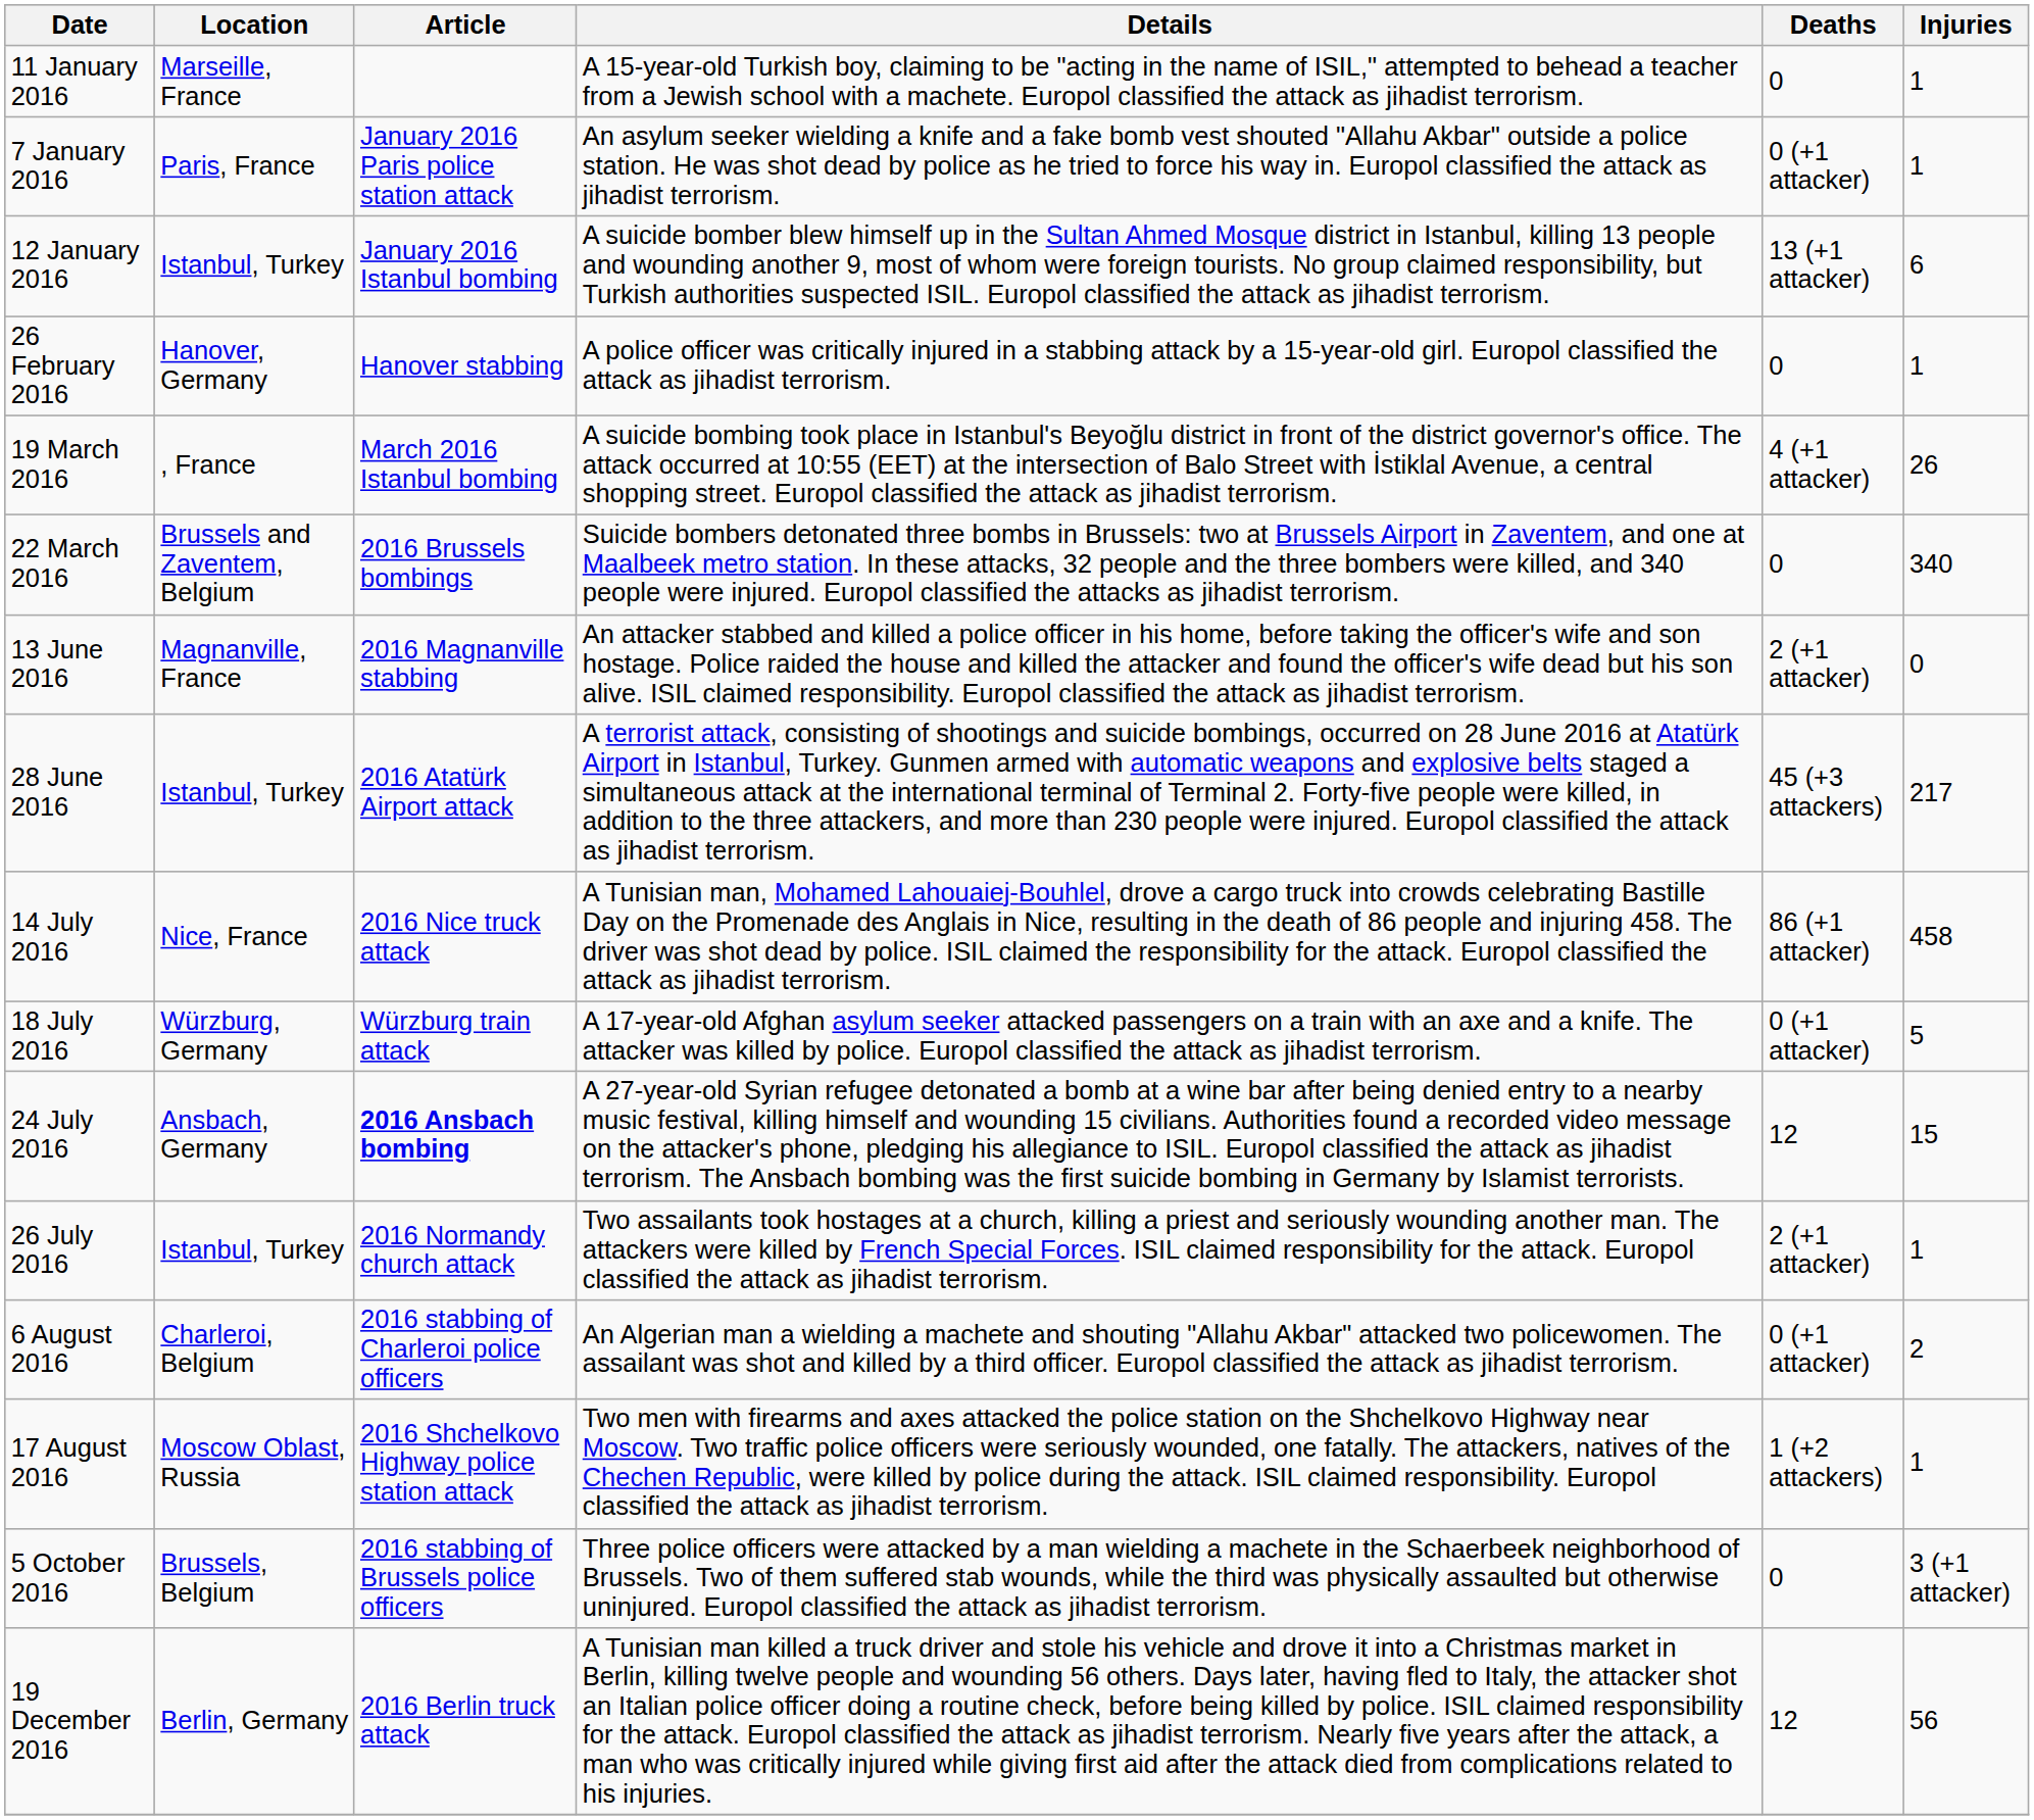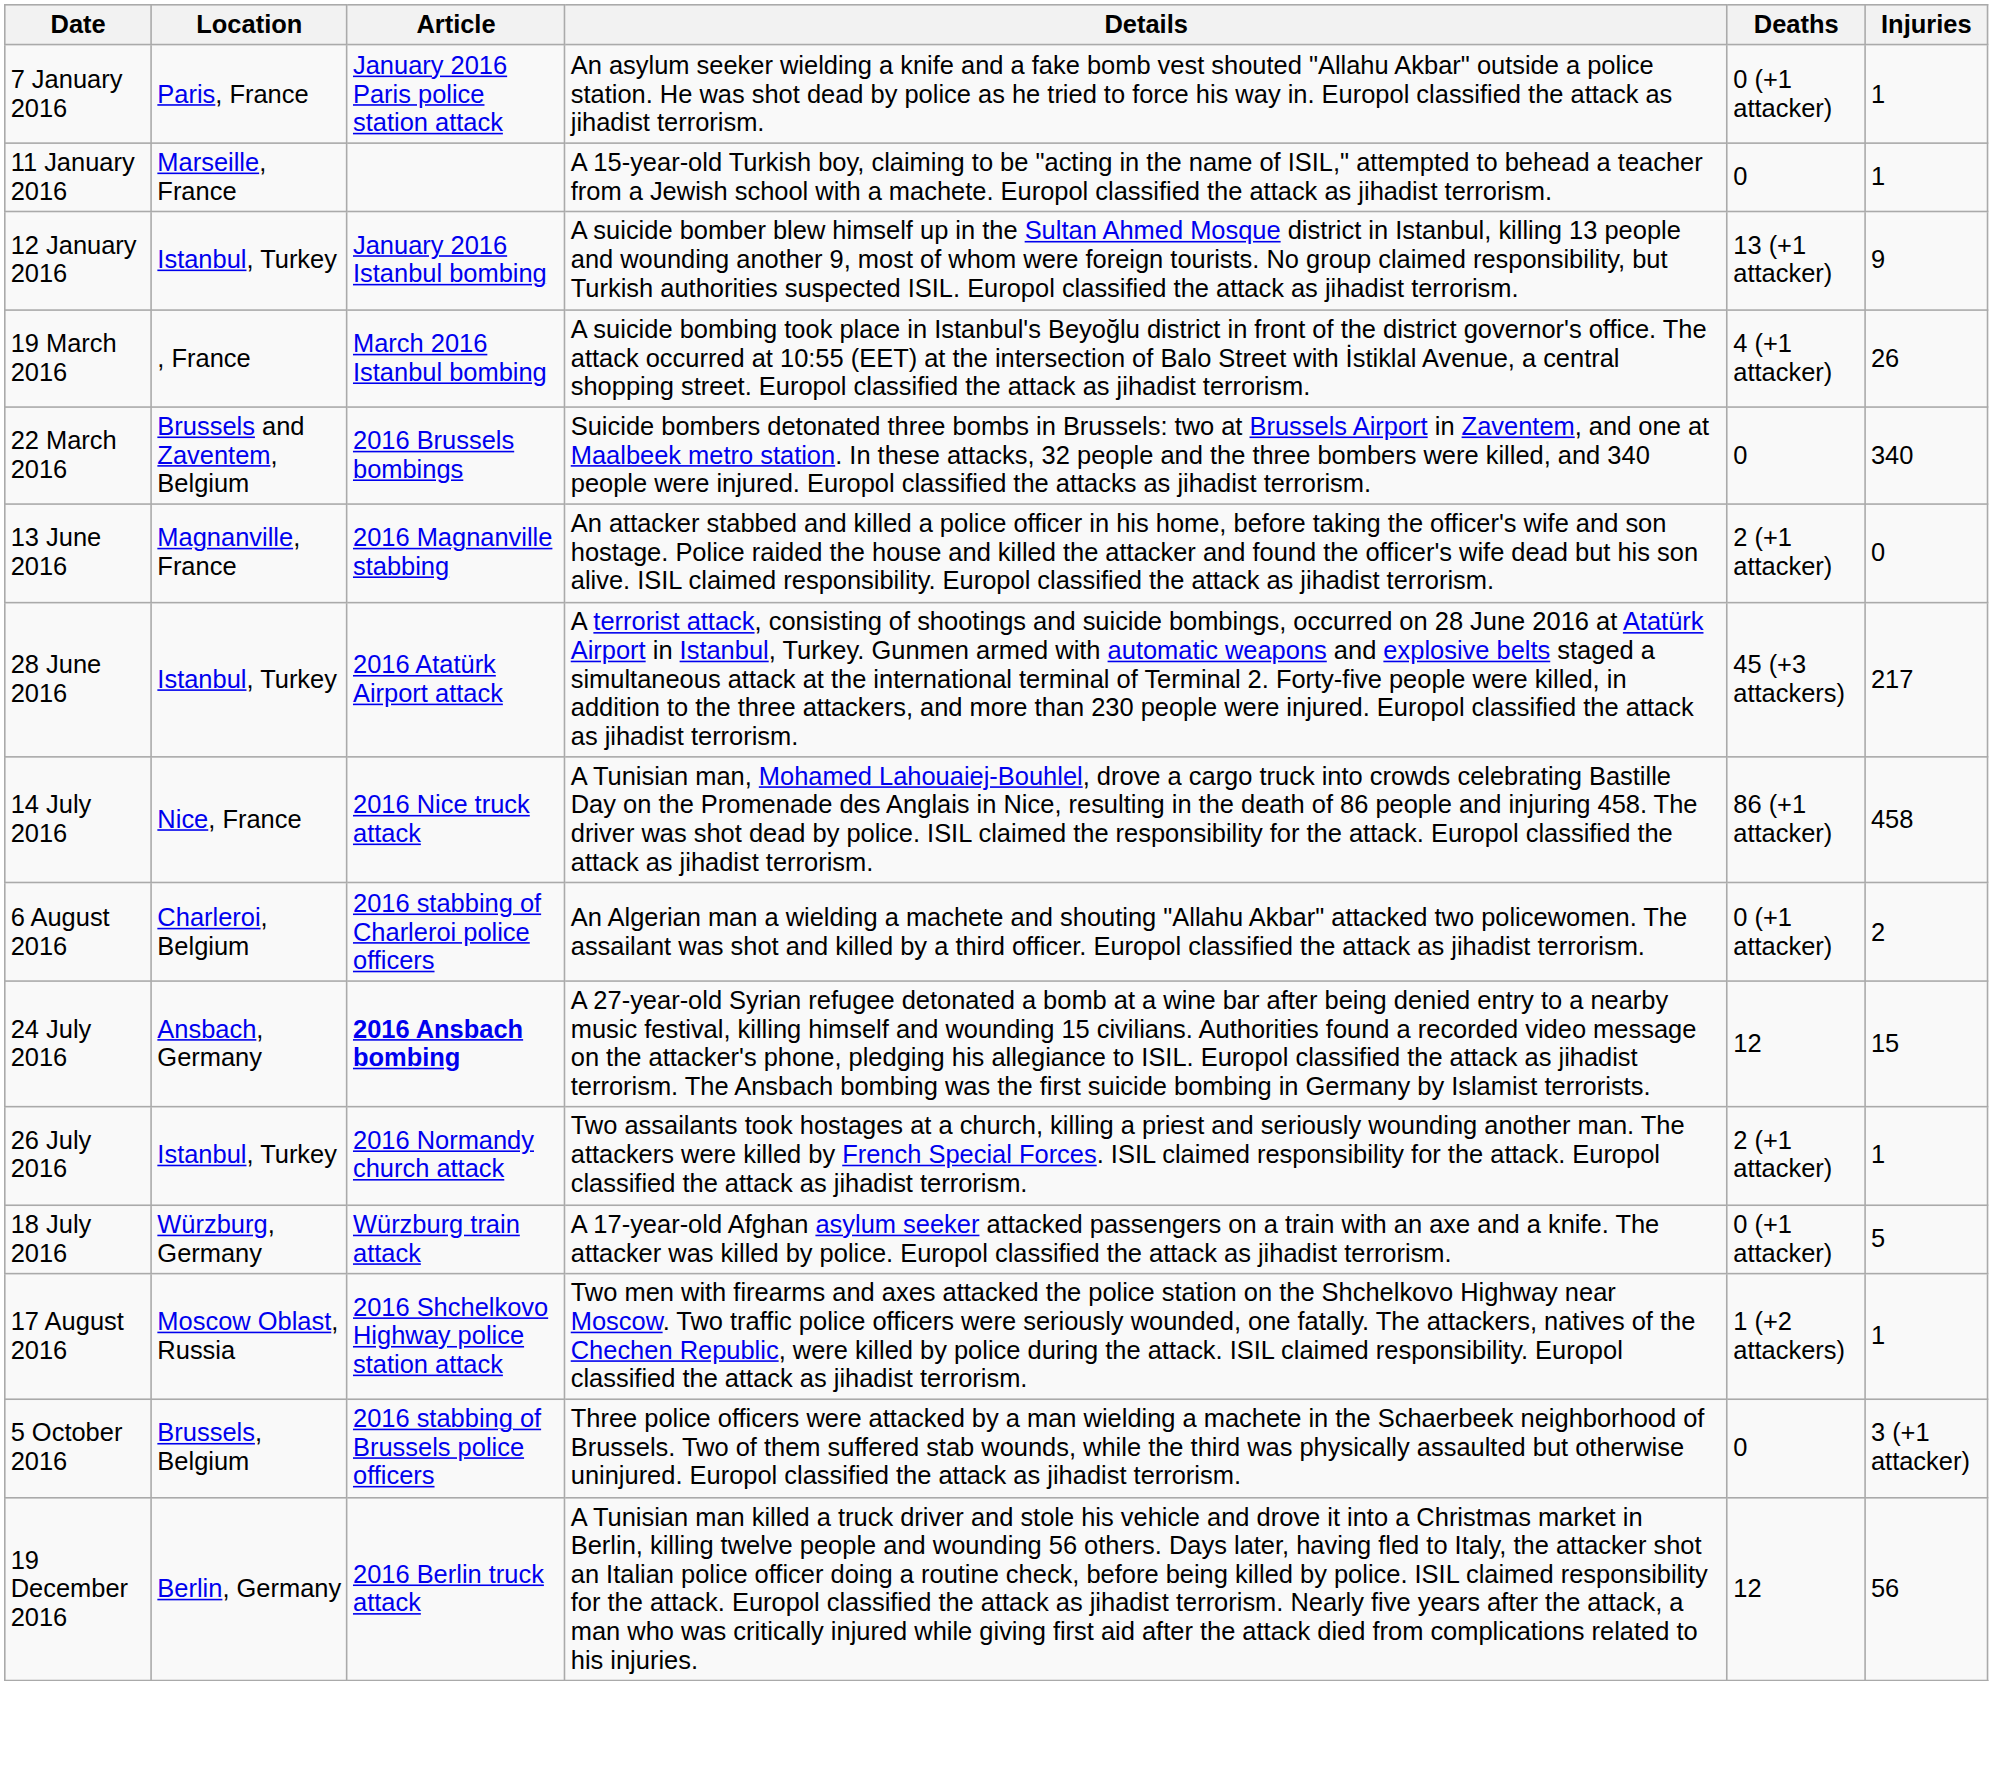 <table class="wikitable ">
 <tr>
 <th>Date</th>
 <th>Location</th>
 <th>Article</th>
 <th>Details</th>
 <th>Deaths</th>
 <th>Injuries</th>
 </tr>
 <tr>
+<td>7 January 2016</td>
+<td> <a href='#'>Paris</a>, France</td>
+<td><a href='#'>January 2016 Paris police station attack</a></td>
+<td>An asylum seeker wielding a knife and a fake bomb vest shouted "Allahu Akbar" outside a police station. He was shot dead by police as he tried to force his way in. Europol classified the attack as jihadist terrorism.</td>
+<td data-sort-value="1">0 (+1 attacker)</td>
+<td>1</td>
+</tr>
+<tr>
 <td>11 January 2016</td>
 <td> <a href='#'>Marseille</a>, France</td>
 <td></td>
 <td>A 15-year-old Turkish boy, claiming to be "acting in the name of ISIL," attempted to behead a teacher from a Jewish school with a machete. Europol classified the attack as jihadist terrorism.</td>
 <td>0</td>
 <td>1</td>
 </tr>
 <tr>
-<td>7 January 2016</td>
-<td> <a href='#'>Paris</a>, France</td>
-<td><a href='#'>January 2016 Paris police station attack</a></td>
-<td>An asylum seeker wielding a knife and a fake bomb vest shouted "Allahu Akbar" outside a police station. He was shot dead by police as he tried to force his way in. Europol classified the attack as jihadist terrorism.</td>
-<td data-sort-value="1">0 (+1 attacker)</td>
-<td>1</td>
-</tr>
-<tr>
 <td>12 January 2016</td>
 <td> <a href='#'>Istanbul</a>, Turkey</td>
 <td><a href='#'>January 2016 Istanbul bombing</a></td>
 <td>A suicide bomber blew himself up in the <a href='#'>Sultan Ahmed Mosque</a> district in Istanbul, killing 13 people and wounding another 9, most of whom were foreign tourists. No group claimed responsibility, but Turkish authorities suspected ISIL. Europol classified the attack as jihadist terrorism.</td>
 <td data-sort-value="14">13 (+1 attacker)</td>
-<td>6</td>
-</tr>
-<tr>
-<td>26 February 2016</td>
-<td> <a href='#'>Hanover</a>, Germany</td>
-<td><a href='#'>Hanover stabbing</a></td>
-<td>A police officer was critically injured in a stabbing attack by a 15-year-old girl. Europol classified the attack as jihadist terrorism.</td>
-<td>0</td>
-<td>1</td>
+<td>9</td>
 </tr>
 <tr>
 <td>19 March 2016</td>
 <td>, France</td>
 <td><a href='#'>March 2016 Istanbul bombing</a></td>
 <td>A suicide bombing took place in Istanbul's Beyoğlu district in front of the district governor's office. The attack occurred at 10:55 (EET) at the intersection of Balo Street with İstiklal Avenue, a central shopping street. Europol classified the attack as jihadist terrorism.</td>
 <td data-sort-value="5">4 (+1 attacker)</td>
 <td>26</td>
 </tr>
 <tr>
 <td>22 March 2016</td>
 <td> <a href='#'>Brussels</a> and <a href='#'>Zaventem</a>, Belgium</td>
 <td><a href='#'>2016 Brussels bombings</a></td>
 <td>Suicide bombers detonated three bombs in Brussels: two at <a href='#'>Brussels Airport</a> in <a href='#'>Zaventem</a>, and one at <a href='#'>Maalbeek metro station</a>. In these attacks, 32 people and the three bombers were killed, and 340 people were injured. Europol classified the attacks as jihadist terrorism.</td>
 <td>0</td>
 <td>340</td>
 </tr>
 <tr>
 <td>13 June 2016</td>
 <td> <a href='#'>Magnanville</a>, France</td>
 <td><a href='#'>2016 Magnanville stabbing</a></td>
 <td>An attacker stabbed and killed a police officer in his home, before taking the officer's wife and son hostage. Police raided the house and killed the attacker and found the officer's wife dead but his son alive. ISIL claimed responsibility. Europol classified the attack as jihadist terrorism.</td>
 <td data-sort-value="3">2 (+1 attacker)</td>
 <td>0</td>
 </tr>
 <tr>
 <td>28 June 2016</td>
 <td> <a href='#'>Istanbul</a>, Turkey</td>
 <td><a href='#'>2016 Atatürk Airport attack</a></td>
 <td>A <a href='#'>terrorist attack</a>, consisting of shootings and suicide bombings, occurred on 28 June 2016 at <a href='#'>Atatürk Airport</a> in <a href='#'>Istanbul</a>, Turkey. Gunmen armed with <a href='#'>automatic weapons</a> and <a href='#'>explosive belts</a> staged a simultaneous attack at the international terminal of Terminal 2. Forty-five people were killed, in addition to the three attackers, and more than 230 people were injured. Europol classified the attack as jihadist terrorism.</td>
 <td data-sort-value="48">45 (+3 attackers)</td>
 <td>217</td>
 </tr>
 <tr>
 <td>14 July 2016</td>
 <td> <a href='#'>Nice</a>, France</td>
 <td><a href='#'>2016 Nice truck attack</a></td>
 <td>A Tunisian man, <a href='#'>Mohamed Lahouaiej-Bouhlel</a>, drove a cargo truck into crowds celebrating Bastille Day on the Promenade des Anglais in Nice, resulting in the death of 86 people and injuring 458. The driver was shot dead by police. ISIL claimed the responsibility for the attack. Europol classified the attack as jihadist terrorism.</td>
 <td data-sort-value="87">86 (+1 attacker)</td>
 <td>458</td>
 </tr>
 <tr>
-<td>18 July 2016</td>
-<td> <a href='#'>Würzburg</a>, Germany</td>
-<td><a href='#'>Würzburg train attack</a></td>
-<td>A 17-year-old Afghan <a href='#'>asylum seeker</a> attacked passengers on a train with an axe and a knife. The attacker was killed by police. Europol classified the attack as jihadist terrorism.</td>
+<td>6 August 2016</td>
+<td> <a href='#'>Charleroi</a>, Belgium</td>
+<td><a href='#'>2016 stabbing of Charleroi police officers</a></td>
+<td>An Algerian man a wielding a machete and shouting "Allahu Akbar" attacked two policewomen. The assailant was shot and killed by a third officer. Europol classified the attack as jihadist terrorism.</td>
 <td data-sort-value="1">0 (+1 attacker)</td>
-<td>5</td>
+<td>2</td>
 </tr>
 <tr>
 <td>24 July 2016</td>
 <td> <a href='#'>Ansbach</a>, Germany</td>
 <td><strong><a href='#'>2016 Ansbach bombing</a></strong></td>
 <td>A 27-year-old Syrian refugee detonated a bomb at a wine bar after being denied entry to a nearby music festival, killing himself and wounding 15 civilians. Authorities found a recorded video message on the attacker's phone, pledging his allegiance to ISIL.  Europol classified the attack as jihadist terrorism. The Ansbach bombing was the first suicide bombing in Germany by Islamist terrorists.</td>
 <td>12</td>
 <td>15</td>
 </tr>
 <tr>
 <td>26 July 2016</td>
 <td> <a href='#'>Istanbul</a>, Turkey</td>
 <td><a href='#'>2016 Normandy church attack</a></td>
 <td>Two assailants took hostages at a church, killing a priest and seriously wounding another man. The attackers were killed by <a href='#'>French Special Forces</a>. ISIL claimed responsibility for the attack. Europol classified the attack as jihadist terrorism.</td>
 <td data-sort-value="3">2 (+1 attacker)</td>
 <td>1</td>
 </tr>
 <tr>
-<td>6 August 2016</td>
-<td> <a href='#'>Charleroi</a>, Belgium</td>
-<td><a href='#'>2016 stabbing of Charleroi police officers</a></td>
-<td>An Algerian man a wielding a machete and shouting "Allahu Akbar" attacked two policewomen. The assailant was shot and killed by a third officer. Europol classified the attack as jihadist terrorism.</td>
+<td>18 July 2016</td>
+<td> <a href='#'>Würzburg</a>, Germany</td>
+<td><a href='#'>Würzburg train attack</a></td>
+<td>A 17-year-old Afghan <a href='#'>asylum seeker</a> attacked passengers on a train with an axe and a knife. The attacker was killed by police. Europol classified the attack as jihadist terrorism.</td>
 <td data-sort-value="1">0 (+1 attacker)</td>
-<td>2</td>
+<td>5</td>
 </tr>
 <tr>
 <td>17 August 2016</td>
 <td> <a href='#'>Moscow Oblast</a>, Russia</td>
 <td><a href='#'>2016 Shchelkovo Highway police station attack</a></td>
 <td>Two men with firearms and axes attacked the police station on the Shchelkovo Highway near <a href='#'>Moscow</a>. Two traffic police officers were seriously wounded, one fatally. The attackers, natives of the <a href='#'>Chechen Republic</a>, were killed by police during the attack. ISIL claimed responsibility. Europol classified the attack as jihadist terrorism.</td>
 <td data-sort-value="3">1 (+2 attackers)</td>
 <td>1</td>
 </tr>
 <tr>
 <td>5 October 2016</td>
 <td> <a href='#'>Brussels</a>, Belgium</td>
 <td><a href='#'>2016 stabbing of Brussels police officers</a></td>
 <td>Three police officers were attacked by a man wielding a machete in the Schaerbeek neighborhood of Brussels. Two of them suffered stab wounds, while the third was physically assaulted but otherwise uninjured. Europol classified the attack as jihadist terrorism.</td>
 <td>0</td>
 <td data-sort-value="4">3 (+1 attacker)</td>
 </tr>
 <tr>
 <td>19 December 2016</td>
 <td> <a href='#'>Berlin</a>, Germany</td>
 <td><a href='#'>2016 Berlin truck attack</a></td>
 <td>A Tunisian man killed a truck driver and stole his vehicle and drove it into a Christmas market in Berlin, killing twelve people and wounding 56 others. Days later, having fled to Italy, the attacker shot an Italian police officer doing a routine check, before being killed by police. ISIL claimed responsibility for the attack. Europol classified the attack as jihadist terrorism. Nearly five years after the attack, a man who was critically injured while giving first aid after the attack died from complications related to his injuries.</td>
 <td>12</td>
 <td>56</td>
 </tr>
 <tr>
 </tr>
 </table>
